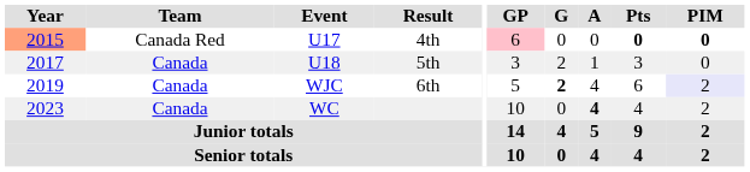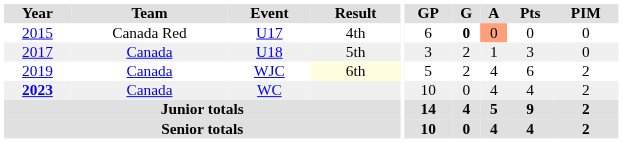 <table border="0" cellpadding="1" cellspacing="0" ID="Table3" style="text-align:center; width:40em;">
 <tr bgcolor="#e0e0e0">
 <th>Year</th>
 <th>Team</th>
 <th>Event</th>
 <th>Result</th>
 <th rowspan="99" bgcolor="#ffffff"></th>
 <th>GP</th>
 <th>G</th>
 <th>A</th>
 <th>Pts</th>
 <th>PIM</th>
 </tr>
 <tr>
-<td style="background: lightsalmon;"><a href='#'>2015</a></td>
+<td><a href='#'>2015</a></td>
 <td>Canada Red</td>
 <td><a href='#'>U17</a></td>
 <td>4th</td>
-<td style="background: pink;">6</td>
+<td>6</td>
+<td><strong>0</strong></td>
+<td style="background: lightsalmon;">0</td>
 <td>0</td>
 <td>0</td>
-<td><strong>0</strong></td>
-<td><strong>0</strong></td>
 </tr>
 <tr bgcolor="#f0f0f0">
 <td><a href='#'>2017</a></td>
 <td><a href='#'>Canada</a></td>
 <td><a href='#'>U18</a></td>
 <td>5th</td>
 <td>3</td>
 <td>2</td>
 <td>1</td>
 <td>3</td>
 <td>0</td>
 </tr>
 <tr>
 <td><a href='#'>2019</a></td>
 <td><a href='#'>Canada</a></td>
 <td><a href='#'>WJC</a></td>
-<td>6th</td>
+<td style="background: lightyellow;">6th</td>
 <td>5</td>
-<td><strong>2</strong></td>
+<td>2</td>
 <td>4</td>
 <td>6</td>
-<td style="background: lavender;">2</td>
+<td>2</td>
 </tr>
 <tr bgcolor="#f0f0f0">
-<td><a href='#'>2023</a></td>
+<td><strong><a href='#'>2023</a></strong></td>
 <td><a href='#'>Canada</a></td>
 <td><a href='#'>WC</a></td>
 <td></td>
 <td>10</td>
 <td>0</td>
-<td><strong>4</strong></td>
+<td>4</td>
 <td>4</td>
 <td>2</td>
 </tr>
 <tr bgcolor="#e0e0e0">
 <th colspan="4">Junior totals</th>
 <th>14</th>
 <th>4</th>
 <th>5</th>
 <th>9</th>
 <th>2</th>
 </tr>
 <tr bgcolor="#e0e0e0">
 <th colspan="4">Senior totals</th>
 <th>10</th>
 <th>0</th>
 <th>4</th>
 <th>4</th>
 <th>2</th>
 </tr>
 </table>
